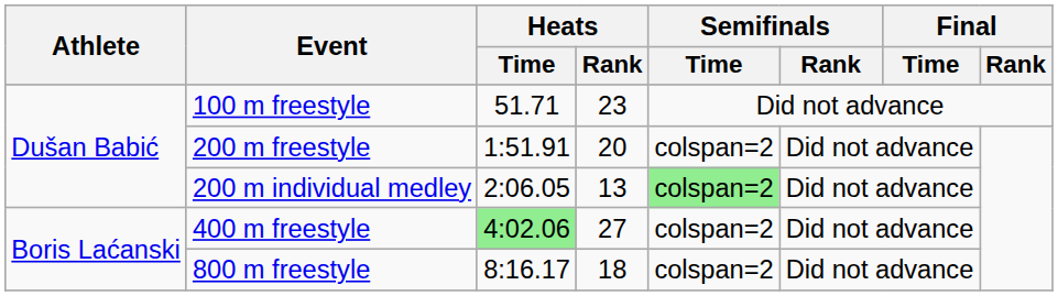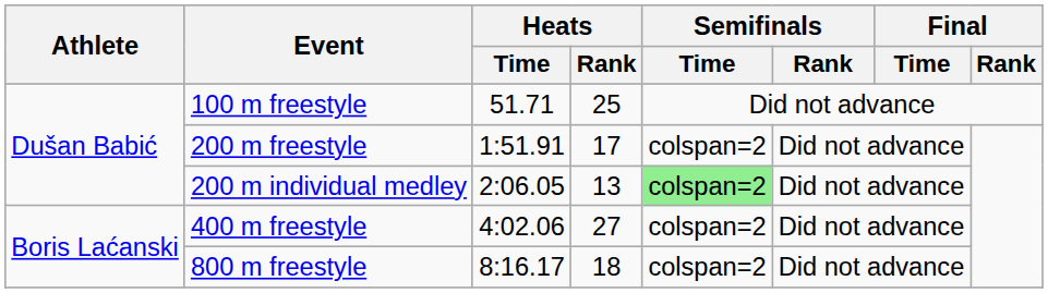 <table class=wikitable style="font-size:90%">
 <tr>
 <th rowspan=2>Athlete</th>
 <th rowspan=2>Event</th>
 <th colspan="2">Heats</th>
 <th colspan="2">Semifinals</th>
 <th colspan="2">Final</th>
 </tr>
 <tr style="font-size:95%">
 <th>Time</th>
 <th>Rank</th>
 <th>Time</th>
 <th>Rank</th>
 <th>Time</th>
 <th>Rank</th>
 </tr>
 <tr align=center>
 <td rowspan=3 align=left><a href='#'>Dušan Babić</a></td>
 <td align=left><a href='#'>100 m freestyle</a></td>
 <td>51.71</td>
-<td>23</td>
+<td>25</td>
 <td colspan=4>Did not advance</td>
 </tr>
 <tr align=center>
 <td align=left><a href='#'>200 m freestyle</a></td>
 <td>1:51.91</td>
-<td>20</td>
+<td>17</td>
 <td>colspan=2 </td>
 <td colspan=2>Did not advance</td>
 </tr>
 <tr align="center">
 <td align="left"><a href='#'>200 m individual medley</a></td>
 <td>2:06.05</td>
 <td>13</td>
 <td style="background: lightgreen;">colspan=2 </td>
 <td colspan=2>Did not advance</td>
 </tr>
 <tr align=center>
 <td align=left rowspan=2><a href='#'>Boris Laćanski</a></td>
 <td align=left><a href='#'>400 m freestyle</a></td>
-<td style="background: lightgreen;">4:02.06</td>
+<td>4:02.06</td>
 <td>27</td>
 <td>colspan=2 </td>
 <td colspan=2>Did not advance</td>
 </tr>
 <tr align=center>
 <td align=left><a href='#'>800 m freestyle</a></td>
 <td>8:16.17</td>
 <td>18</td>
 <td>colspan=2 </td>
 <td colspan=2>Did not advance</td>
 </tr>
 </table>
